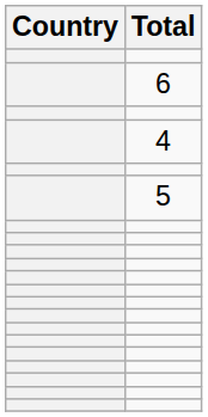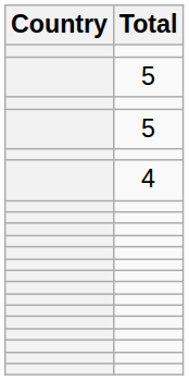 <table class="sortable wikitable plainrowheaders">
 <tr>
 <th scope="col">Country</th>
 <th scope="col">Total</th>
 </tr>
 <tr>
 <th scope="row"></th>
 <td align="center"></td>
 </tr>
 <tr>
 <th scope="row"></th>
-<td align="center">6</td>
+<td align="center">5</td>
+</tr>
+<tr>
+<th scope="row"></th>
+<td align="center"></td>
+</tr>
+<tr>
+<th scope="row"></th>
+<td align="center">5</td>
 </tr>
 <tr>
 <th scope="row"></th>
 <td align="center"></td>
 </tr>
 <tr>
 <th scope="row"></th>
 <td align="center">4</td>
-</tr>
-<tr>
-<th scope="row"></th>
-<td align="center"></td>
-</tr>
-<tr>
-<th scope="row"></th>
-<td align="center">5</td>
 </tr>
 <tr>
 <th scope="row"></th>
 <td align="center"></td>
 </tr>
 <tr>
 <th scope="row"></th>
 <td align="center"></td>
 </tr>
 <tr>
 <th scope="row"></th>
 <td align="center"></td>
 </tr>
 <tr>
 <th scope="row"></th>
 <td align="center"></td>
 </tr>
 <tr>
 <th scope="row"></th>
 <td align="center"></td>
 </tr>
 <tr>
 <th scope="row"></th>
 <td align="center"></td>
 </tr>
 <tr>
 <th scope="row"></th>
 <td align="center"></td>
 </tr>
 <tr>
 <th scope="row"></th>
 <td align="center"></td>
 </tr>
 <tr>
 <th scope="row"></th>
 <td align="center"></td>
 </tr>
 <tr>
 <th scope="row"></th>
 <td align="center"></td>
 </tr>
 <tr>
 <th scope="row"></th>
 <td align="center"></td>
 </tr>
 <tr>
 <th scope="row"></th>
 <td align="center"></td>
 </tr>
 <tr>
 <th scope="row"></th>
 <td align="center"></td>
 </tr>
 <tr>
 <th scope="row"></th>
 <td align="center"></td>
 </tr>
 <tr>
 <th scope="row"></th>
 <td align="center"></td>
 </tr>
 </table>
